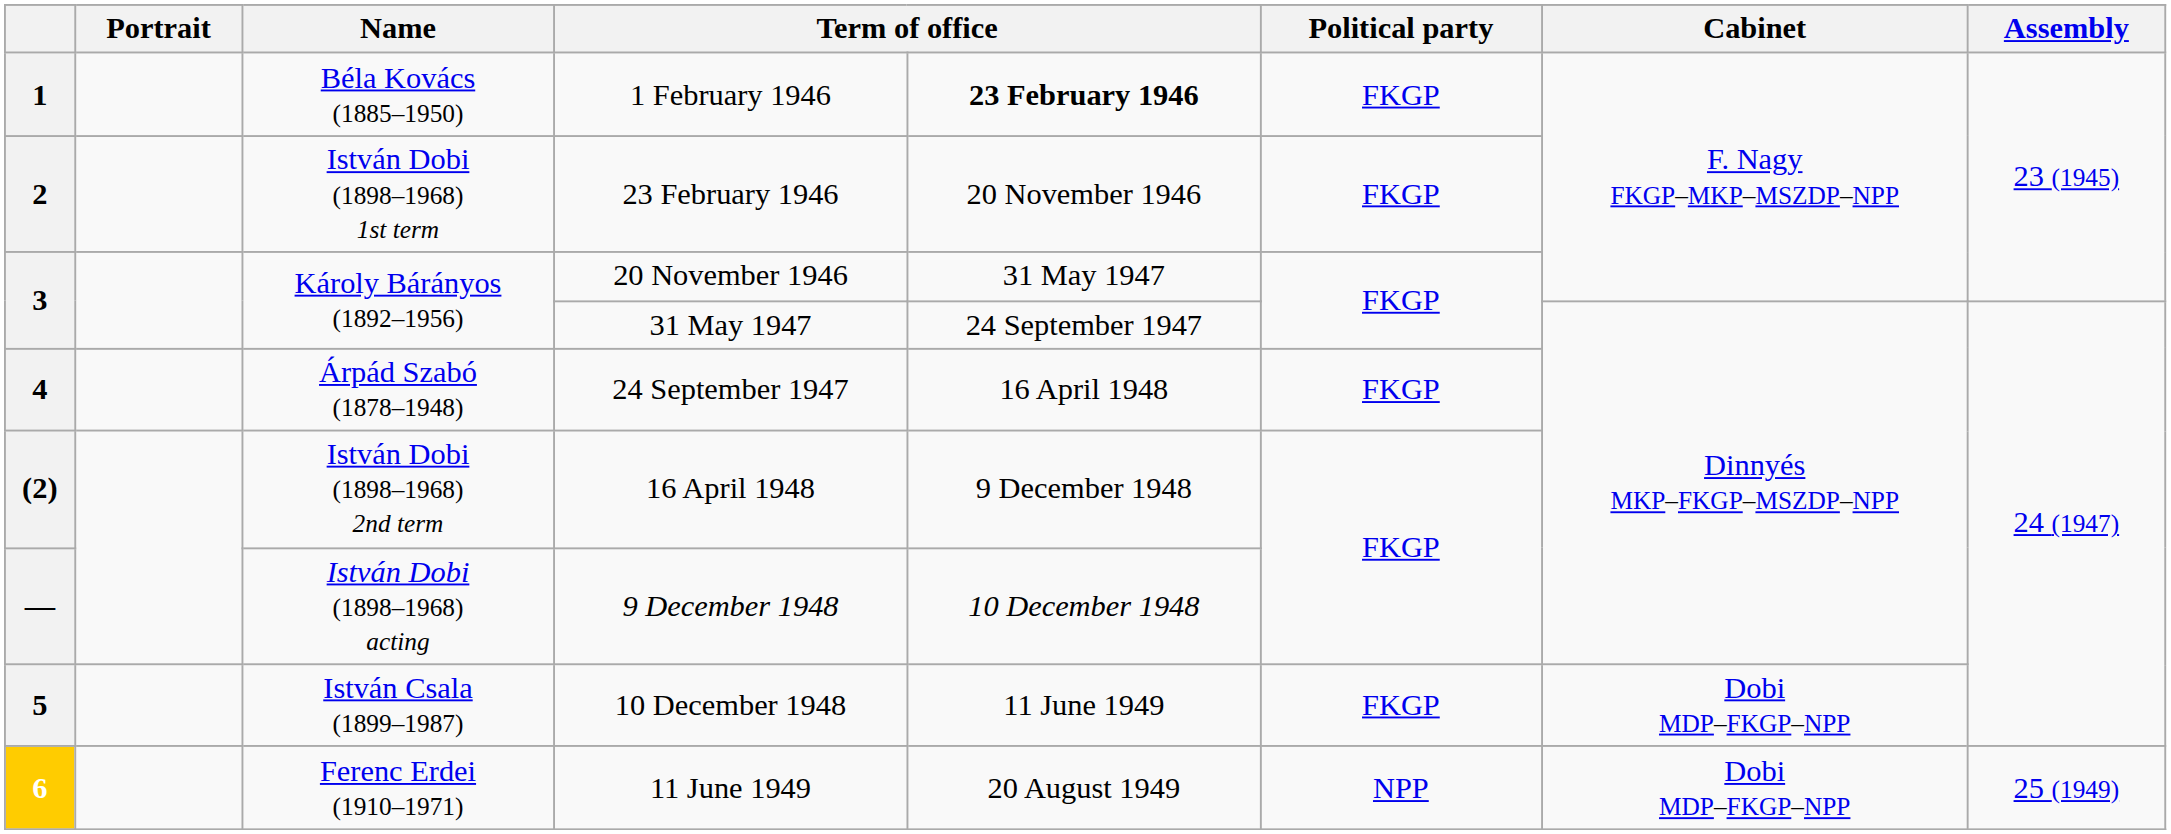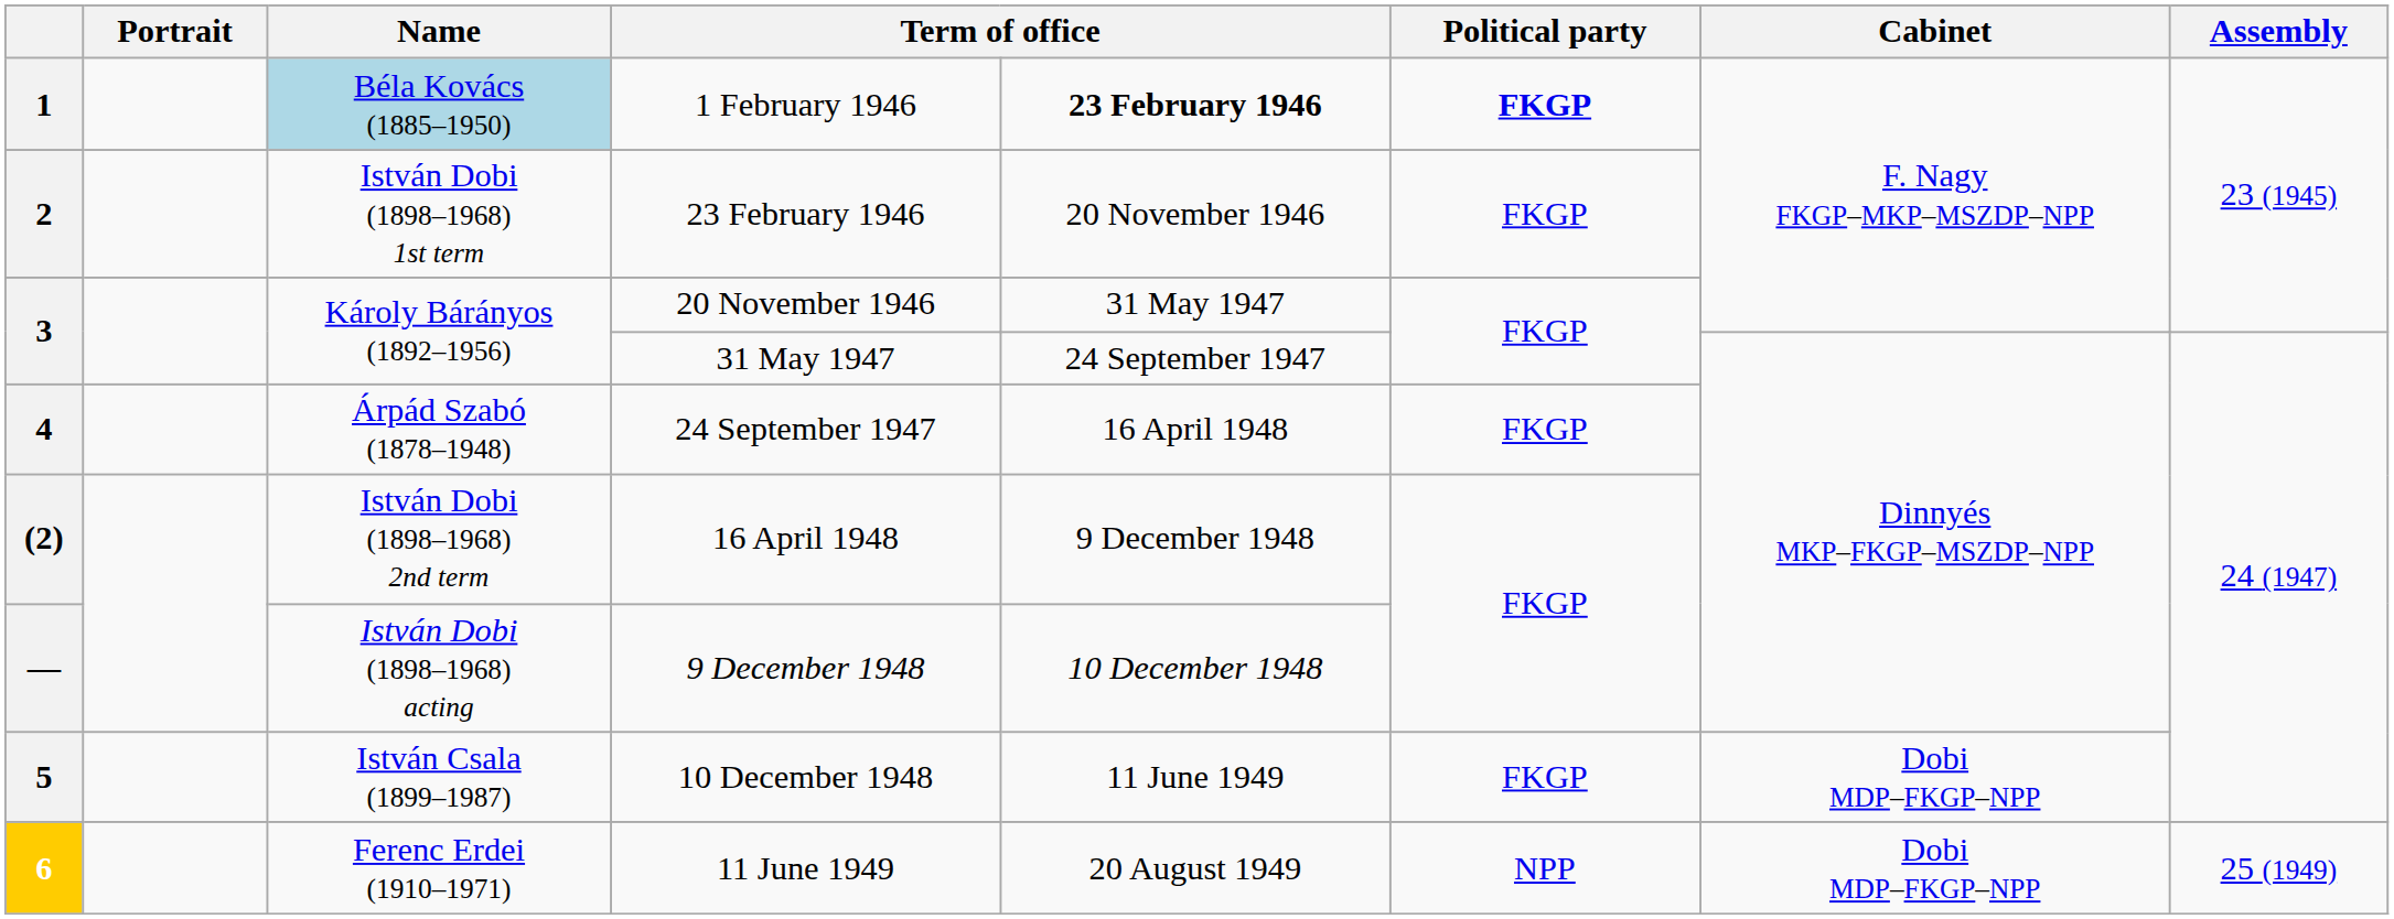 <table class="wikitable" style="width:90%; text-align:center;">
 <tr>
 <th></th>
 <th>Portrait</th>
 <th>Name<br></th>
 <th colspan=2>Term of office</th>
 <th>Political party</th>
 <th>Cabinet</th>
 <th><a href='#'>Assembly</a><br></th>
 </tr>
 <tr>
 <th style="background:">1</th>
 <td></td>
-<td><a href='#'>Béla Kovács</a><br><small>(1885–1950)</small></td>
+<td style="background: lightblue;"><a href='#'>Béla Kovács</a><br><small>(1885–1950)</small></td>
 <td>1 February 1946</td>
 <td><strong>23 February 1946</strong></td>
-<td><a href='#'>FKGP</a></td>
+<td><strong><a href='#'>FKGP</a></strong></td>
 <td rowspan="3"><a href='#'>F. Nagy</a><br><small><a href='#'>FKGP</a>–<a href='#'>MKP</a>–<a href='#'>MSZDP</a>–<a href='#'>NPP</a></small></td>
 <td rowspan="4"><a href='#'>23 <small>(1945)</small></a></td>
 </tr>
 <tr>
 <th style="background:">2</th>
 <td></td>
 <td><a href='#'>István Dobi</a><br><small>(1898–1968)<br><em>1st term</em></small></td>
 <td>23 February 1946</td>
 <td>20 November 1946</td>
 <td><a href='#'>FKGP</a></td>
 </tr>
 <tr>
 <th rowspan="3" style="background:">3</th>
 <td rowspan="3"></td>
 <td rowspan="3"><a href='#'>Károly Bárányos</a><br><small>(1892–1956)</small></td>
 <td>20 November 1946</td>
 <td>31 May 1947</td>
 <td rowspan="3"><a href='#'>FKGP</a></td>
 </tr>
 <tr>
 <td rowspan="2">31 May 1947</td>
 <td rowspan="2">24 September 1947</td>
 <td rowspan="5"><a href='#'>Dinnyés</a><br><small><a href='#'>MKP</a>–<a href='#'>FKGP</a>–<a href='#'>MSZDP</a>–<a href='#'>NPP</a></small></td>
 </tr>
 <tr>
 <td rowspan="5"><a href='#'>24 <small>(1947)</small></a></td>
 </tr>
 <tr>
 <th style="background:">4</th>
 <td></td>
 <td><a href='#'>Árpád Szabó</a><br><small>(1878–1948)</small></td>
 <td>24 September 1947</td>
 <td>16 April 1948</td>
 <td><a href='#'>FKGP</a></td>
 </tr>
 <tr>
 <th style="background:">(2)</th>
 <td rowspan="2"></td>
 <td><a href='#'>István Dobi</a><br><small>(1898–1968)<br><em>2nd term</em></small></td>
 <td>16 April 1948</td>
 <td>9 December 1948</td>
 <td rowspan="2"><a href='#'>FKGP</a></td>
 </tr>
 <tr>
 <th style="background:">—</th>
 <td><em><a href='#'>István Dobi</a></em><br><small>(1898–1968)<br><em>acting</em></small></td>
 <td><em>9 December 1948</em></td>
 <td><em>10 December 1948</em></td>
 </tr>
 <tr>
 <th style="background:">5</th>
 <td></td>
 <td><a href='#'>István Csala</a><br><small>(1899–1987)</small></td>
 <td>10 December 1948</td>
 <td>11 June 1949</td>
 <td><a href='#'>FKGP</a></td>
 <td><a href='#'>Dobi</a><br><small><a href='#'>MDP</a>–<a href='#'>FKGP</a>–<a href='#'>NPP</a></small></td>
 </tr>
 <tr>
 <th style="background-color:#FFCC00; color:white">6</th>
 <td></td>
 <td><a href='#'>Ferenc Erdei</a><br><small>(1910–1971)</small></td>
 <td>11 June 1949</td>
 <td>20 August 1949</td>
 <td><a href='#'>NPP</a></td>
 <td><a href='#'>Dobi</a><br><small><a href='#'>MDP</a>–<a href='#'>FKGP</a>–<a href='#'>NPP</a></small></td>
 <td><a href='#'>25 <small>(1949)</small></a></td>
 </tr>
 <tr>
 </tr>
 </table>
